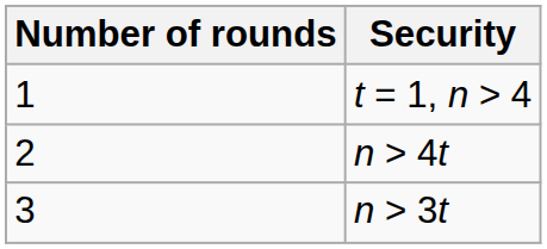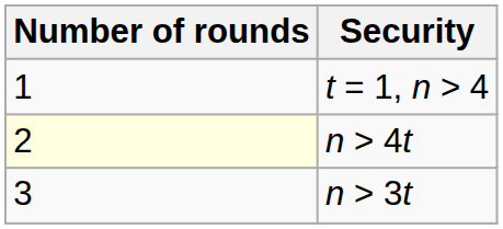 <table class="wikitable">
 <tr>
 <th>Number of rounds</th>
 <th>Security</th>
 </tr>
 <tr>
 <td>1</td>
 <td><em>t</em> = 1, <em>n</em> > 4</td>
 </tr>
 <tr>
-<td>2</td>
+<td style="background: lightyellow;">2</td>
 <td><em>n</em> > 4<em>t</em></td>
 </tr>
 <tr>
 <td>3</td>
 <td><em>n</em> > 3<em>t</em></td>
 </tr>
 </table>
